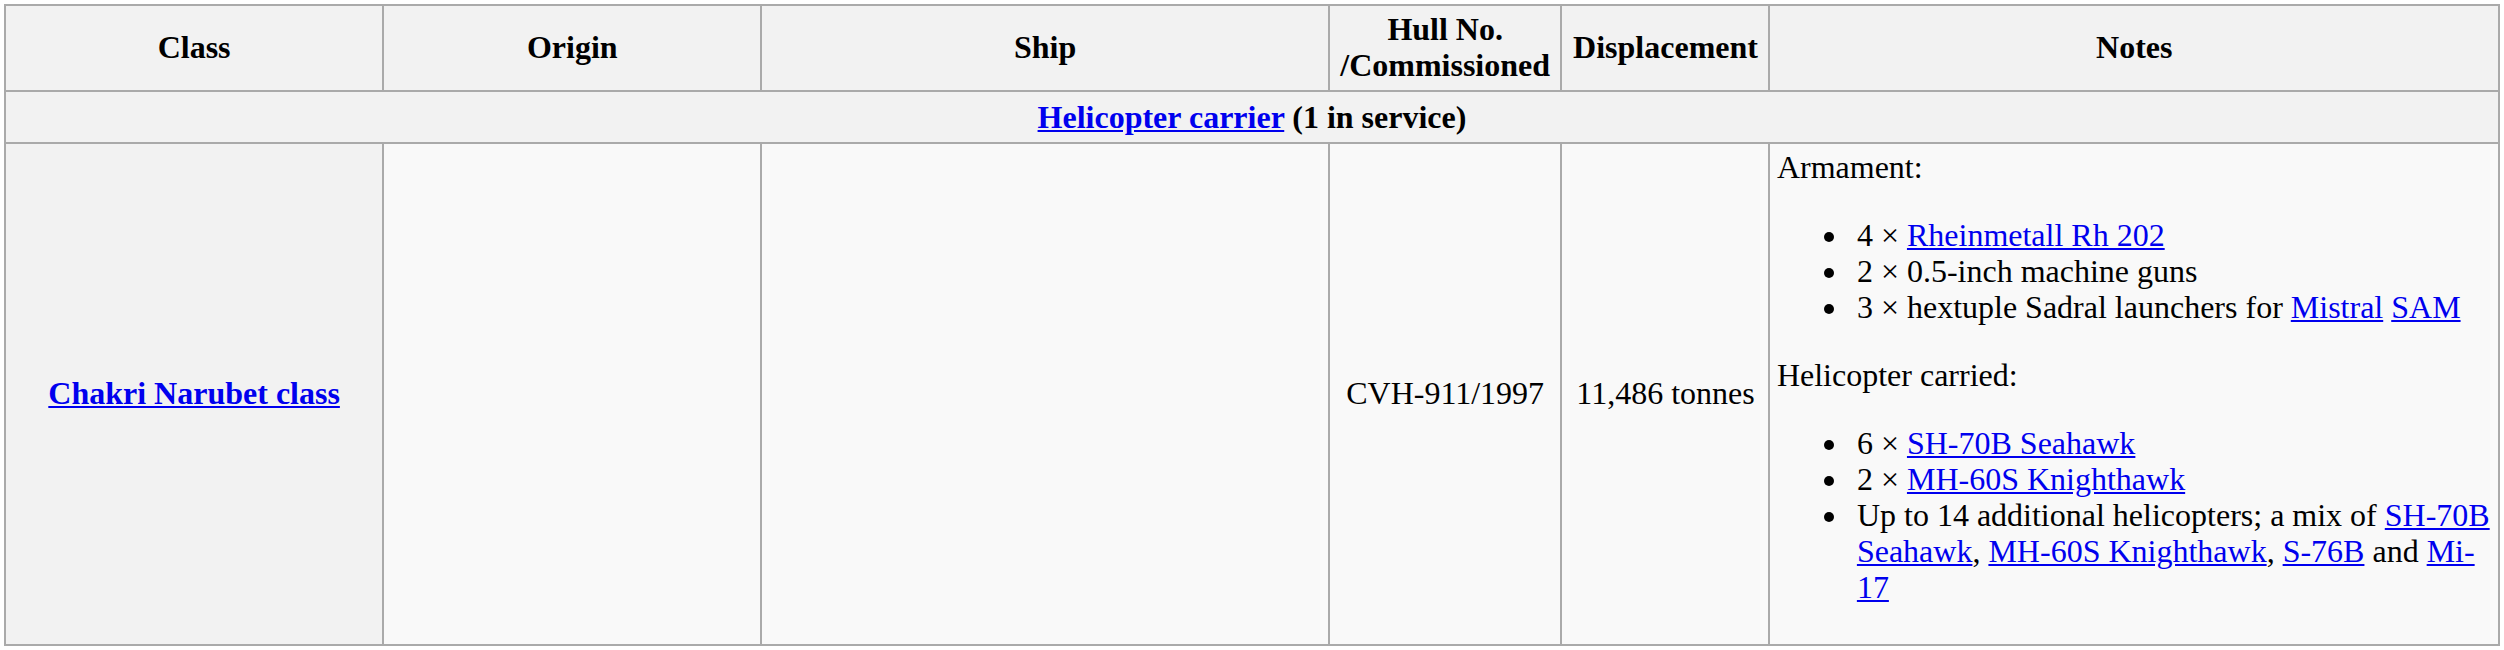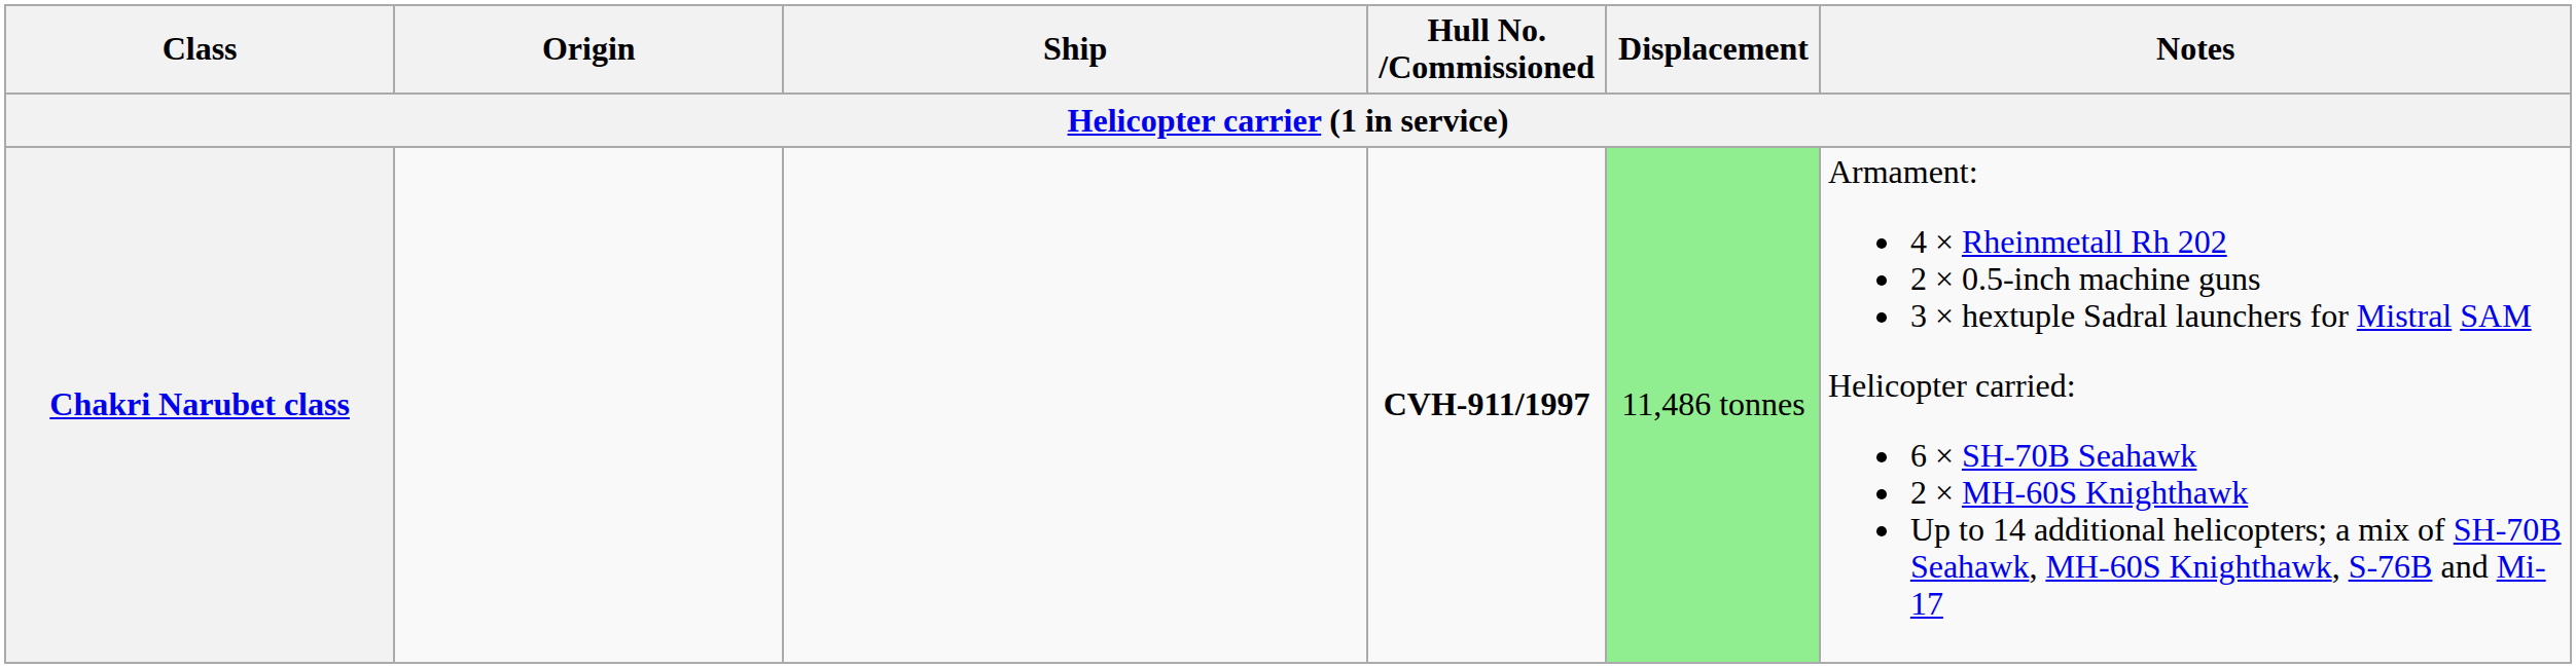 <table class="wikitable">
 <tr>
 <th style="text-align:centre; width:14%;">Class</th>
 <th style="text-align:centre; width:14%;">Origin</th>
 <th style="text-align:centre; width:21%;">Ship</th>
 <th style="text-align:center; width:4%;">Hull No.<br>/Commissioned</th>
 <th style="text-align:centre; width:4%;">Displacement</th>
 <th style="text-align:centre; width:27%;">Notes</th>
 </tr>
 <tr>
 <th colspan="7"><a href='#'>Helicopter carrier</a> (1 in service)</th>
 </tr>
 <tr>
 <th style="text-align:centre;"><a href='#'>Chakri Narubet class</a></th>
 <td></td>
 <td ! style="text-align:center;"></td>
-<td ! style="text-align:center;">CVH-911/1997</td>
-<td ! style="text-align:center;">11,486 tonnes</td>
+<td ! style="text-align:center;"><strong>CVH-911/1997</strong></td>
+<td ! style="background: lightgreen; text-align:center;">11,486 tonnes</td>
 <td>Armament:<br><ul><li>4 × <a href='#'>Rheinmetall Rh 202</a></li><li>2 × 0.5-inch machine guns</li><li>3 × hextuple Sadral launchers for <a href='#'>Mistral</a> <a href='#'>SAM</a></li></ul>Helicopter carried:<ul><li>6 × <a href='#'>SH-70B Seahawk</a></li><li>2 × <a href='#'>MH-60S Knighthawk</a></li><li>Up to 14 additional helicopters; a mix of <a href='#'>SH-70B Seahawk</a>, <a href='#'>MH-60S Knighthawk</a>, <a href='#'>S-76B</a> and <a href='#'>Mi-17</a></li></ul></td>
 </tr>
 <tr>
 </tr>
 </table>
